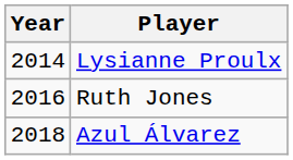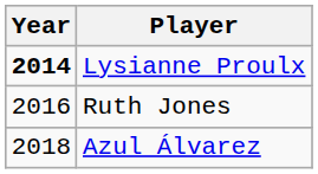 <table class="wikitable">
 <tr>
 <th>Year</th>
 <th>Player</th>
 </tr>
 <tr>
-<td>2014</td>
+<td><strong>2014</strong></td>
 <td> <a href='#'>Lysianne Proulx</a></td>
 </tr>
 <tr>
 <td>2016</td>
 <td> Ruth Jones</td>
 </tr>
 <tr>
 <td>2018</td>
 <td> <a href='#'>Azul Álvarez</a></td>
 </tr>
 </table>
